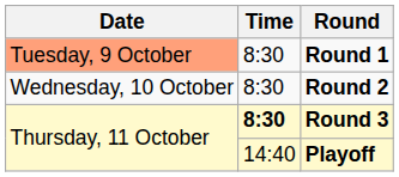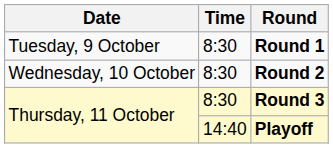 <table class="wikitable">
 <tr>
 <th>Date</th>
 <th>Time</th>
 <th>Round</th>
 </tr>
 <tr>
-<td style="background: lightsalmon;">Tuesday, 9 October</td>
+<td>Tuesday, 9 October</td>
 <td>8:30</td>
 <td><strong>Round 1</strong></td>
 </tr>
 <tr>
 <td>Wednesday, 10 October</td>
 <td>8:30</td>
 <td><strong>Round 2</strong></td>
 </tr>
 <tr style=background:lemonchiffon>
 <td rowspan=2>Thursday, 11 October</td>
-<td><strong>8:30</strong></td>
+<td>8:30</td>
 <td><strong>Round 3</strong></td>
 </tr>
 <tr style=background:lemonchiffon>
 <td>14:40</td>
 <td><strong>Playoff</strong></td>
 </tr>
 </table>
